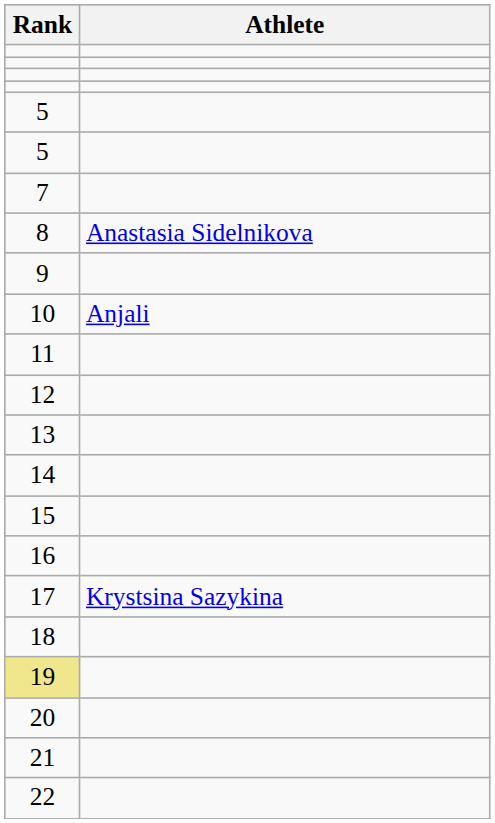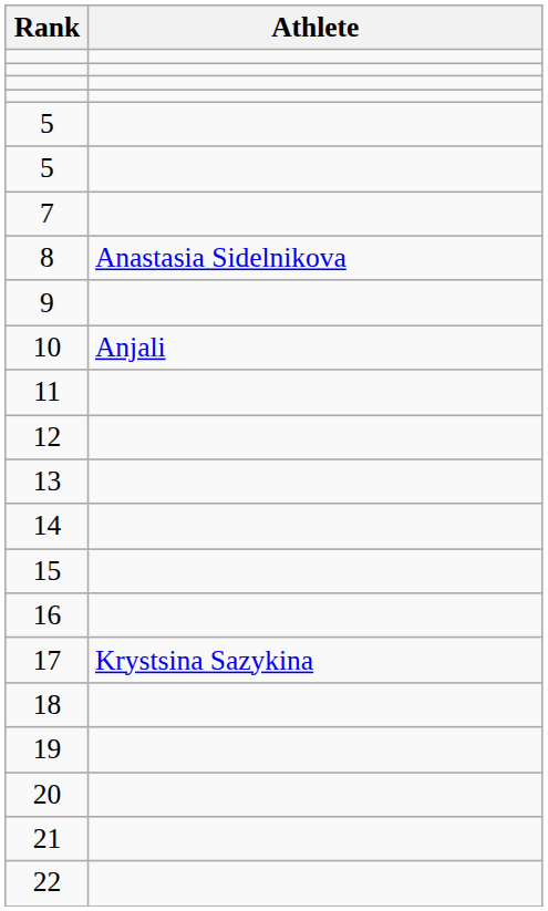 <table class="wikitable" style="text-align: center;">
 <tr>
 <th width=40>Rank</th>
 <th width=250>Athlete</th>
 </tr>
 <tr>
 <td></td>
 <td align="left"></td>
 </tr>
 <tr>
 <td></td>
 <td align="left"></td>
 </tr>
 <tr>
 <td></td>
 <td align="left"></td>
 </tr>
 <tr>
 <td></td>
 <td align="left"></td>
 </tr>
 <tr>
 <td>5</td>
 <td align="left"></td>
 </tr>
 <tr>
 <td>5</td>
 <td align="left"></td>
 </tr>
 <tr>
 <td>7</td>
 <td align="left"></td>
 </tr>
 <tr>
 <td>8</td>
 <td align="left"> <a href='#'>Anastasia Sidelnikova</a> </td>
 </tr>
 <tr>
 <td>9</td>
 <td align="left"></td>
 </tr>
 <tr>
 <td>10</td>
 <td align="left"> <a href='#'>Anjali</a> </td>
 </tr>
 <tr>
 <td>11</td>
 <td align="left"></td>
 </tr>
 <tr>
 <td>12</td>
 <td align="left"></td>
 </tr>
 <tr>
 <td>13</td>
 <td align="left"></td>
 </tr>
 <tr>
 <td>14</td>
 <td align="left"></td>
 </tr>
 <tr>
 <td>15</td>
 <td align="left"></td>
 </tr>
 <tr>
 <td>16</td>
 <td align="left"></td>
 </tr>
 <tr>
 <td>17</td>
 <td align="left"> <a href='#'>Krystsina Sazykina</a> </td>
 </tr>
 <tr>
 <td>18</td>
 <td align="left"></td>
 </tr>
 <tr>
-<td style="background: khaki;">19</td>
+<td>19</td>
 <td align="left"></td>
 </tr>
 <tr>
 <td>20</td>
 <td align="left"></td>
 </tr>
 <tr>
 <td>21</td>
 <td align="left"></td>
 </tr>
 <tr>
 <td>22</td>
 <td align="left"></td>
 </tr>
 </table>
